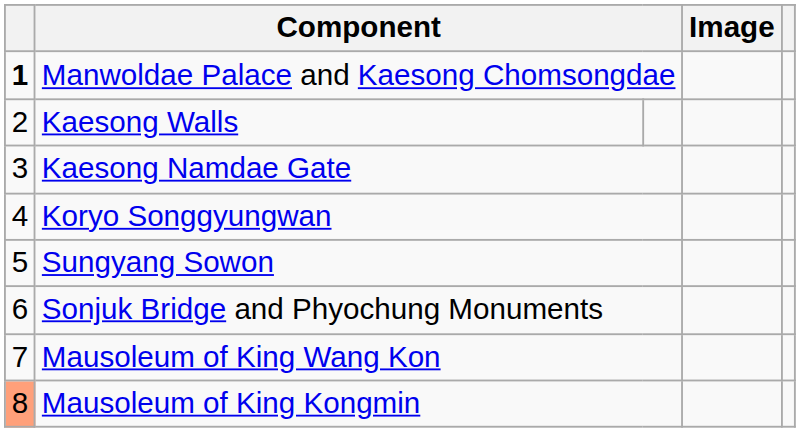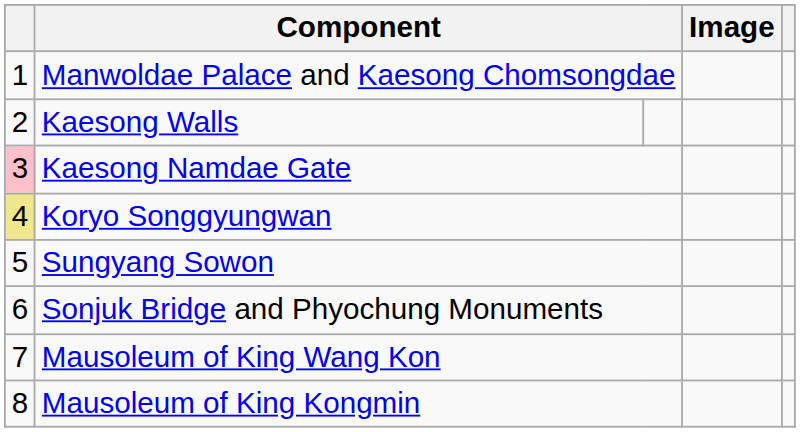 <table class="wikitable sortable">
 <tr>
 <th></th>
 <th colspan=2>Component</th>
 <th>Image</th>
 <th class="wikitable unsortable"></th>
 </tr>
 <tr>
-<td><strong>1</strong></td>
+<td>1</td>
 <td colspan=2><a href='#'>Manwoldae Palace</a> and <a href='#'>Kaesong Chomsongdae</a></td>
 <td></td>
 <td></td>
 </tr>
 <tr>
 <td>2</td>
 <td><a href='#'>Kaesong Walls</a></td>
 <td></td>
 <td></td>
 <td></td>
 </tr>
 <tr>
-<td>3</td>
+<td style="background: pink;">3</td>
 <td colspan=2><a href='#'>Kaesong Namdae Gate</a></td>
 <td></td>
 <td></td>
 </tr>
 <tr>
-<td>4</td>
+<td style="background: khaki;">4</td>
 <td colspan=2><a href='#'>Koryo Songgyungwan</a></td>
 <td></td>
 <td></td>
 </tr>
 <tr>
 <td>5</td>
 <td colspan=2><a href='#'>Sungyang Sowon</a></td>
 <td></td>
 <td></td>
 </tr>
 <tr>
 <td>6</td>
 <td colspan=2><a href='#'>Sonjuk Bridge</a> and Phyochung Monuments</td>
 <td></td>
 <td></td>
 </tr>
 <tr>
 <td>7</td>
 <td colspan=2><a href='#'>Mausoleum of King Wang Kon</a></td>
 <td></td>
 <td></td>
 </tr>
 <tr>
-<td style="background: lightsalmon;">8</td>
+<td>8</td>
 <td colspan=2><a href='#'>Mausoleum of King Kongmin</a></td>
 <td></td>
 <td></td>
 </tr>
 </table>
